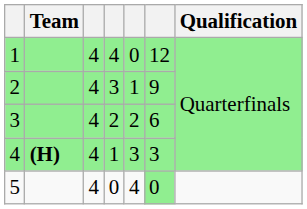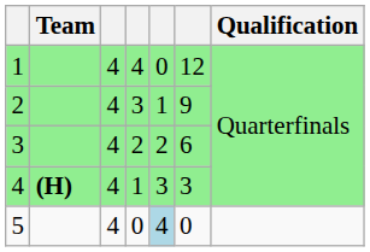 <table class="wikitable">
 <tr>
 <th></th>
 <th>Team</th>
 <th></th>
 <th></th>
 <th></th>
 <th></th>
 <th>Qualification</th>
 </tr>
 <tr bgcolor=lightgreen>
 <td>1</td>
 <td></td>
 <td>4</td>
 <td>4</td>
 <td>0</td>
 <td>12</td>
 <td rowspan=4>Quarterfinals</td>
 </tr>
 <tr bgcolor=lightgreen>
 <td>2</td>
 <td></td>
 <td>4</td>
 <td>3</td>
 <td>1</td>
 <td>9</td>
 </tr>
 <tr bgcolor=lightgreen>
 <td>3</td>
 <td></td>
 <td>4</td>
 <td>2</td>
 <td>2</td>
 <td>6</td>
 </tr>
 <tr bgcolor=lightgreen>
 <td>4</td>
 <td> <strong>(H)</strong></td>
 <td>4</td>
 <td>1</td>
 <td>3</td>
 <td>3</td>
 </tr>
 <tr>
 <td>5</td>
 <td></td>
 <td>4</td>
 <td>0</td>
-<td>4</td>
-<td style="background: lightgreen;">0</td>
+<td style="background: lightblue;">4</td>
+<td>0</td>
 <td></td>
 </tr>
 </table>
